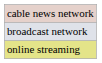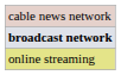 <table class="wikitable" style="font-size:95%;">
 <tr style="background:#e5d1cb;">
 <td>cable news network</td>
 </tr>
 <tr style="background:#dfe2e9;">
-<td>broadcast network</td>
+<td><strong>broadcast network</strong></td>
 </tr>
 <tr style="background:#E4E489;">
 <td>online streaming</td>
 </tr>
 </table>
